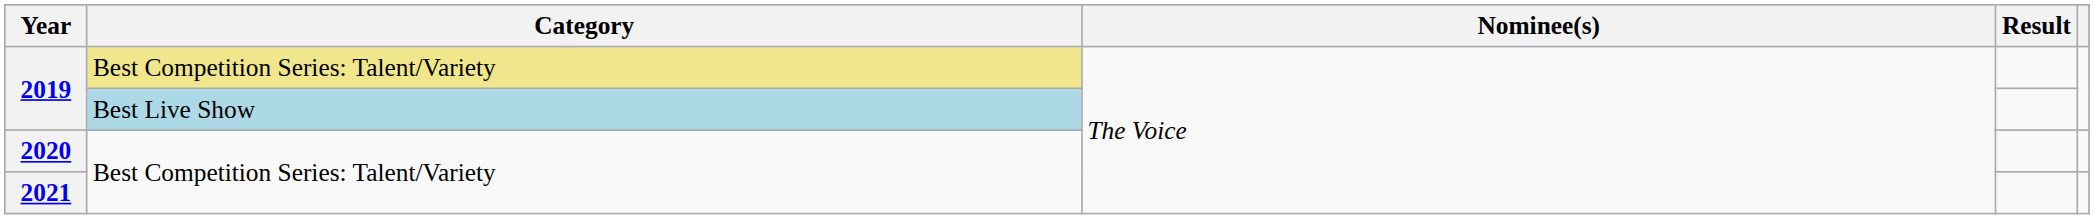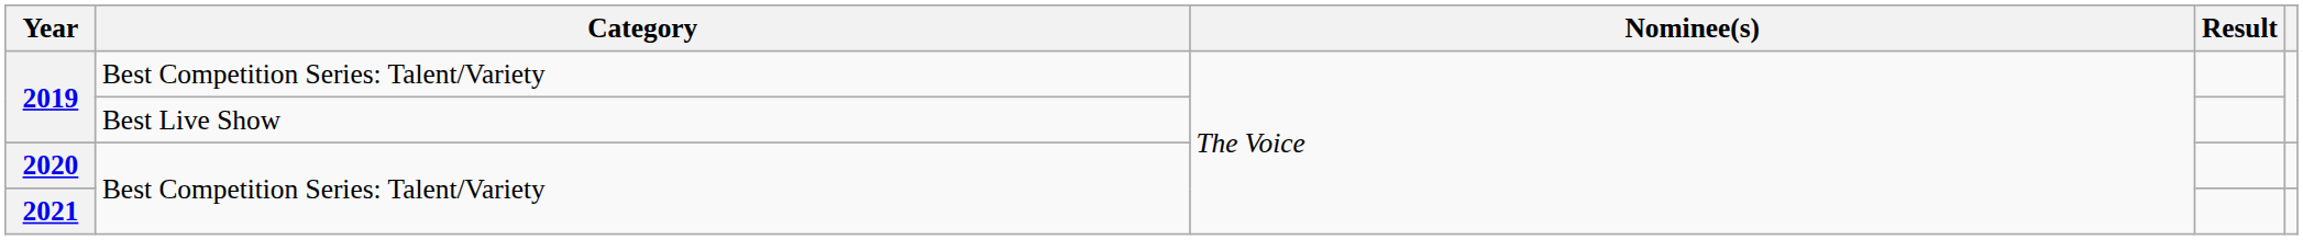 <table class="wikitable plainrowheaders" style="font-size: 95%">
 <tr>
 <th scope="col" style="width:4%;">Year</th>
 <th scope="col" style="width:50%;">Category</th>
 <th scope="col" style="width:50%;">Nominee(s)</th>
 <th scope="col" style="width:6%;">Result</th>
 <th scope="col" style="width:4%;"></th>
 </tr>
 <tr>
 <th scope="row" rowspan="2"><a href='#'>2019</a></th>
-<td style="background: khaki;">Best Competition Series: Talent/Variety</td>
+<td>Best Competition Series: Talent/Variety</td>
 <td rowspan="4"><em>The Voice</em></td>
 <td></td>
 <td rowspan="2" align="center"></td>
 </tr>
 <tr>
-<td style="background: lightblue;">Best Live Show</td>
+<td>Best Live Show</td>
 <td></td>
 </tr>
 <tr>
 <th scope="row"><a href='#'>2020</a></th>
 <td rowspan="2">Best Competition Series: Talent/Variety</td>
 <td></td>
 <td align="center"></td>
 </tr>
 <tr>
 <th scope="row"><a href='#'>2021</a></th>
 <td></td>
 <td align="center"></td>
 </tr>
 </table>
